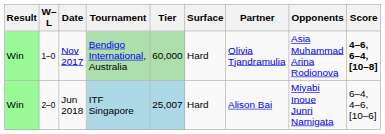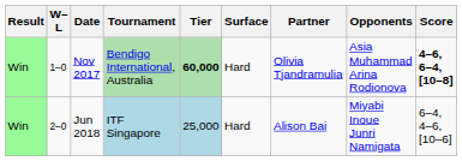 <table class="sortable wikitable">
 <tr>
 <th>Result</th>
 <th class="unsortable">W–L</th>
 <th>Date</th>
 <th>Tournament</th>
 <th>Tier</th>
 <th>Surface</th>
 <th>Partner</th>
 <th>Opponents</th>
 <th class="unsortable">Score</th>
 </tr>
 <tr>
 <td style="background:#98fb98;">Win</td>
 <td><small>1–0</small></td>
 <td><a href='#'>Nov 2017</a></td>
 <td style="background:#addfad;"><a href='#'>Bendigo International</a>, <br>Australia</td>
-<td style="background:#addfad;">60,000</td>
+<td style="background:#addfad;"><strong>60,000</strong></td>
 <td>Hard</td>
 <td> <a href='#'>Olivia Tjandramulia</a></td>
 <td> <a href='#'>Asia Muhammad</a> <br>  <a href='#'>Arina Rodionova</a></td>
 <td><strong>4–6, 6–4, [10–8]</strong></td>
 </tr>
 <tr>
 <td style="background:#98fb98;">Win</td>
 <td><small>2–0</small></td>
 <td>Jun 2018</td>
 <td style="background:lightblue;">ITF Singapore</td>
-<td style="background:lightblue;">25,007</td>
+<td style="background:lightblue;">25,000</td>
 <td>Hard</td>
 <td> <a href='#'>Alison Bai</a></td>
 <td> <a href='#'>Miyabi Inoue</a> <br>  <a href='#'>Junri Namigata</a></td>
 <td>6–4, 4–6, [10–6]</td>
 </tr>
 </table>
